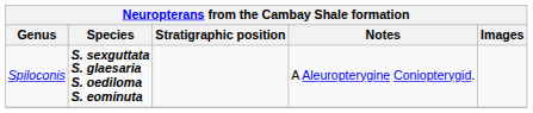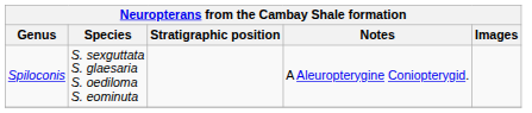 <table class="wikitable" align="center">
 <tr>
 <th colspan="7" align="center"><strong><a href='#'>Neuropterans</a> from the Cambay Shale formation</strong></th>
 </tr>
 <tr>
 <th>Genus</th>
 <th>Species</th>
 <th>Stratigraphic position</th>
 <th>Notes</th>
 <th>Images</th>
 </tr>
 <tr>
 <td><em><a href='#'>Spiloconis</a></em></td>
-<td><strong><em>S. sexguttata<br>S. glaesaria<br>S. oediloma<br>S. eominuta</em></strong></td>
+<td><em>S. sexguttata<br>S. glaesaria<br>S. oediloma<br>S. eominuta</em></td>
 <td></td>
 <td>A <a href='#'>Aleuropterygine</a> <a href='#'>Coniopterygid</a>.</td>
 <td></td>
 </tr>
 <tr>
 </tr>
 </table>
